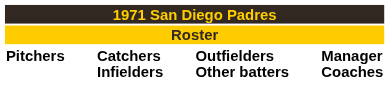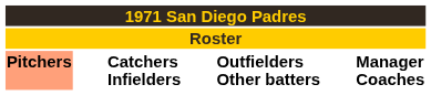 <table class="toccolours" style="font-size: 95%;">
 <tr>
 <th colspan="10" style="background-color: #312821; color: #FFCC00; text-align: center;">1971 San Diego Padres</th>
 </tr>
 <tr>
 <td colspan="10" style="background-color: #FFCC00; color: #312821; text-align: center;"><strong>Roster</strong></td>
 </tr>
 <tr>
-<td valign="top"><strong>Pitchers</strong><br>               </td>
+<td valign="top" style="background: lightsalmon;"><strong>Pitchers</strong><br>               </td>
 <td width="25px"></td>
 <td valign="top"><strong>Catchers</strong><br>    <strong>Infielders</strong>        </td>
 <td width="25px"></td>
 <td valign="top"><strong>Outfielders</strong><br>          <strong>Other batters</strong>  </td>
 <td width="25px"></td>
 <td valign="top"><strong>Manager</strong><br> <strong>Coaches</strong>    </td>
 </tr>
 </table>
